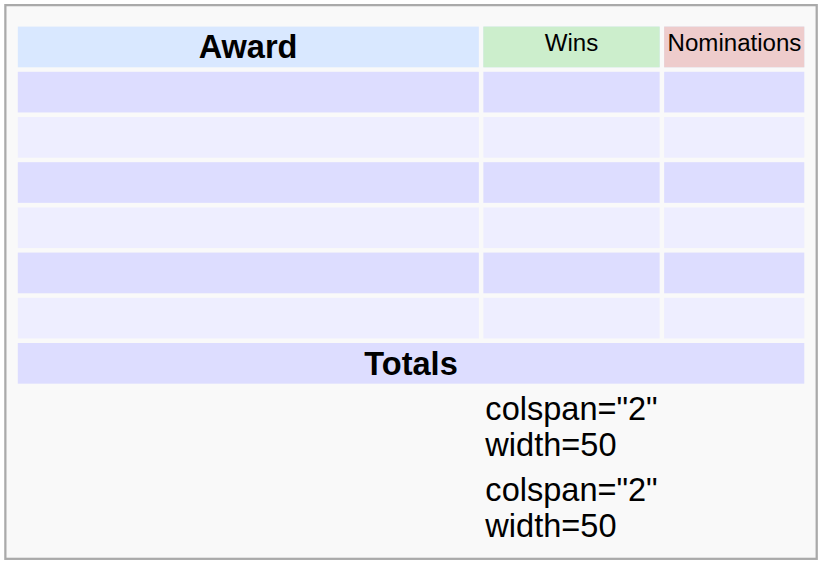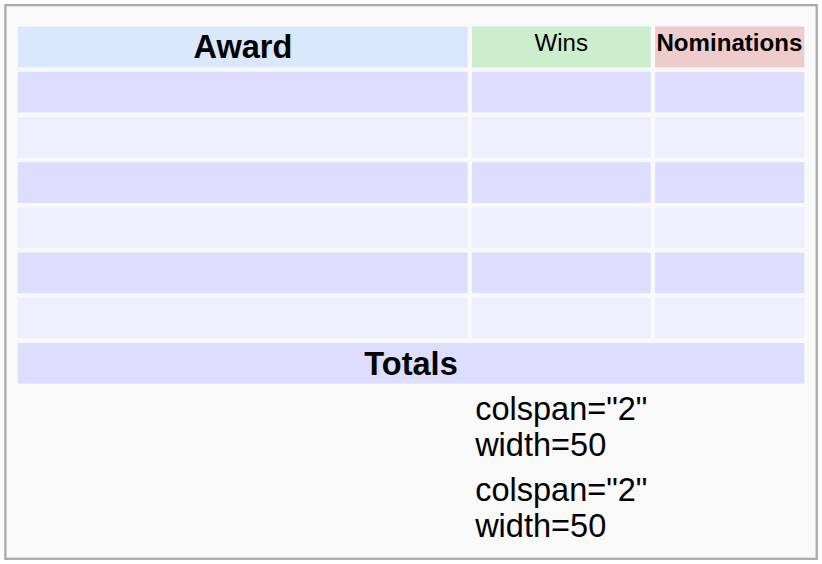 <table class="infobox" style="width: 25em; text-align: left; font-size: 90%; vertical-align: middle;">
 <tr>
 <td colspan="3" style="text-align:center;"></td>
 </tr>
 <tr style="background:#D9E8FF;text-align:center;">
 <th style="vertical-align: middle;">Award</th>
 <td style="background:#cceecc; font-size:8pt;" width="60px">Wins</td>
-<td style="background:#eecccc; font-size:8pt;" width="60px">Nominations</td>
+<td style="background:#eecccc; font-size:8pt;" width="60px"><strong>Nominations</strong></td>
 </tr>
 <tr bgcolor=#ddddff>
 <td align="center"><br></td>
 <td></td>
 <td></td>
 </tr>
 <tr bgcolor=#eeeeff>
 <td align="center"><br></td>
 <td></td>
 <td></td>
 </tr>
 <tr bgcolor=#ddddff>
 <td align="center"><br></td>
 <td></td>
 <td></td>
 </tr>
 <tr bgcolor=#eeeeff>
 <td align="center"><br></td>
 <td></td>
 <td></td>
 </tr>
 <tr bgcolor=#ddddff>
 <td align="center"><br></td>
 <td></td>
 <td></td>
 </tr>
 <tr bgcolor=#eeeeff>
 <td align="center"><br></td>
 <td></td>
 <td></td>
 </tr>
 <tr bgcolor=#ddddff>
 <td colspan="3" style="text-align:center;"><strong>Totals</strong></td>
 </tr>
 <tr>
 <td></td>
 <td>colspan="2" width=50 </td>
 </tr>
 <tr>
 <td></td>
 <td>colspan="2" width=50 </td>
 </tr>
 </table>
